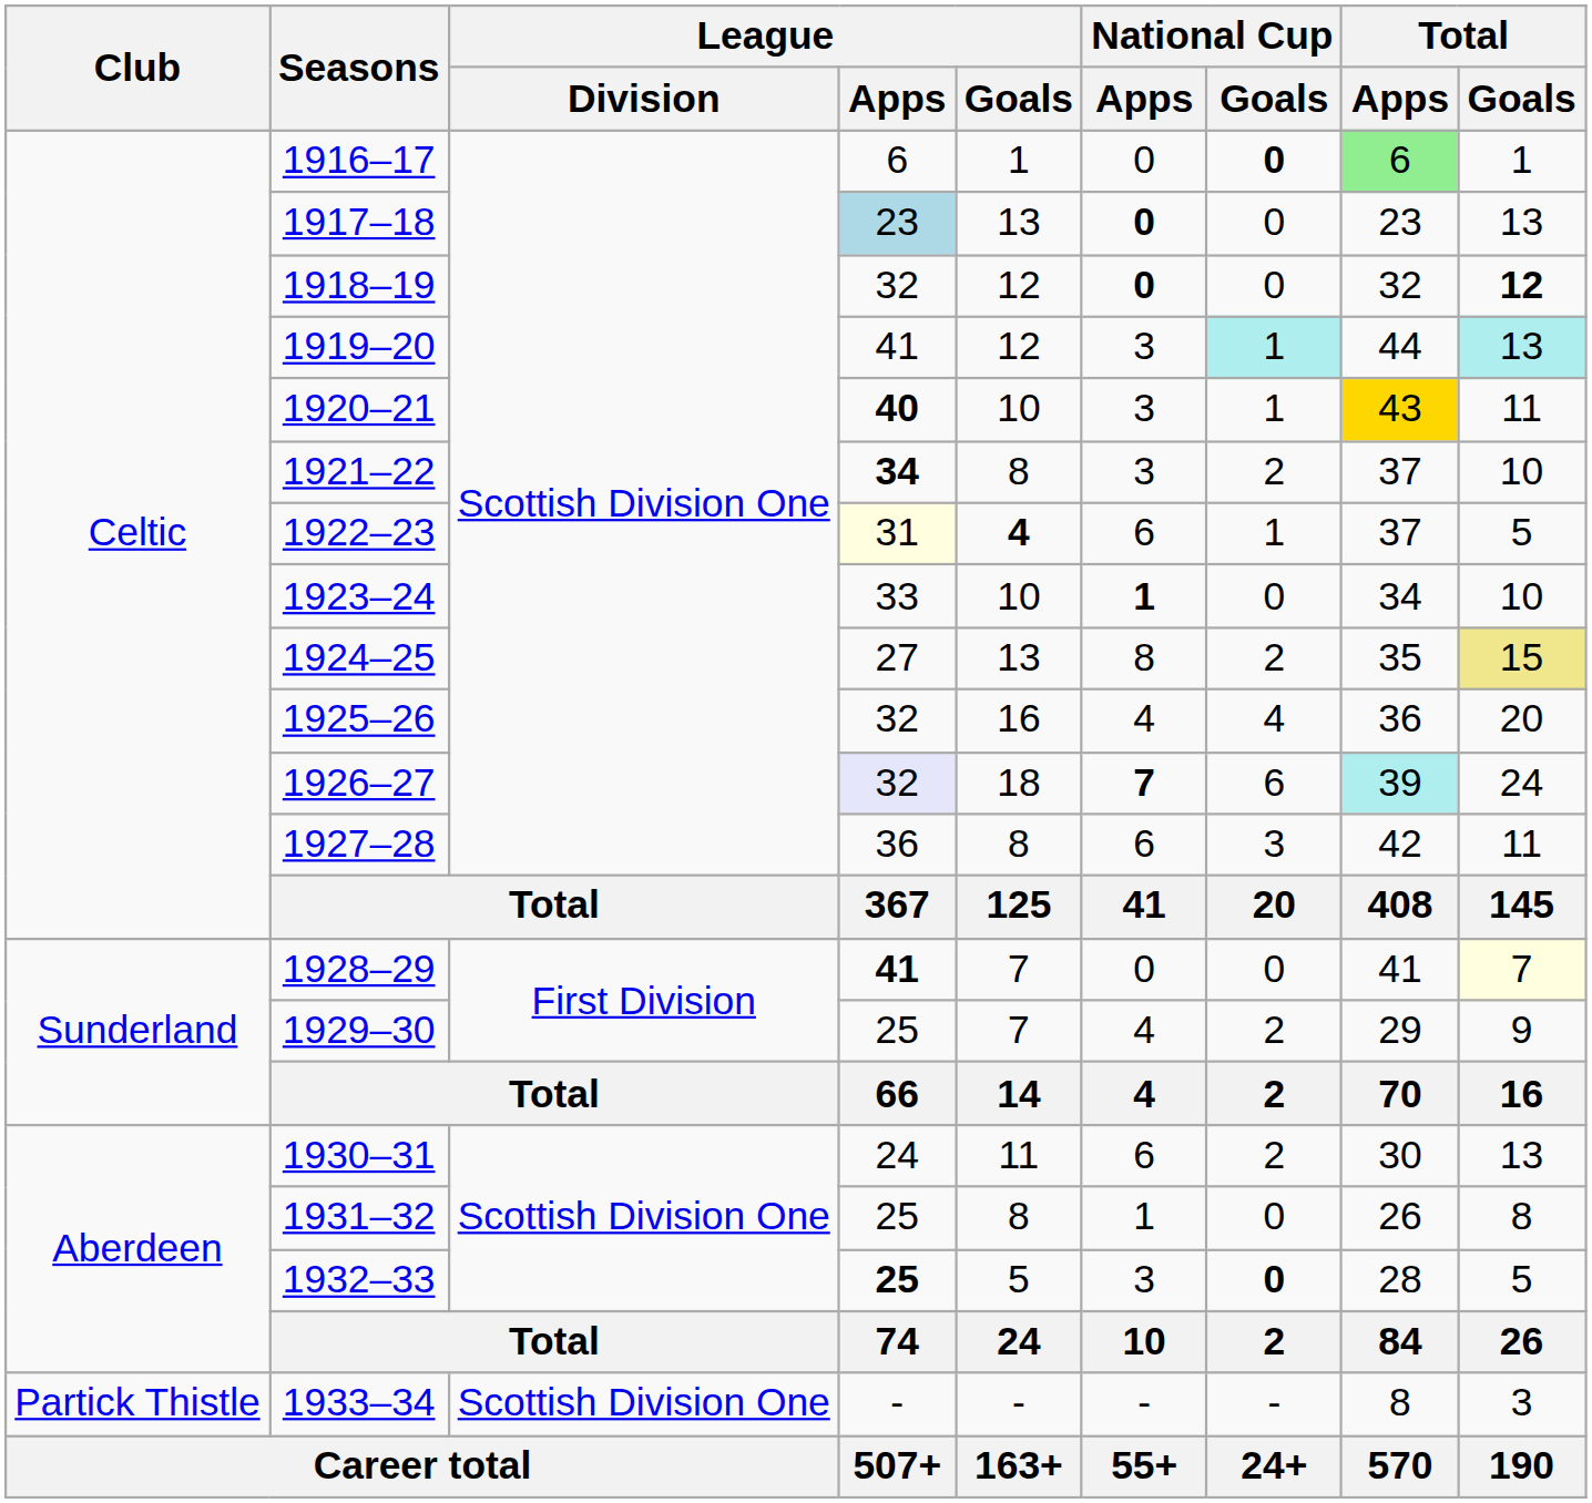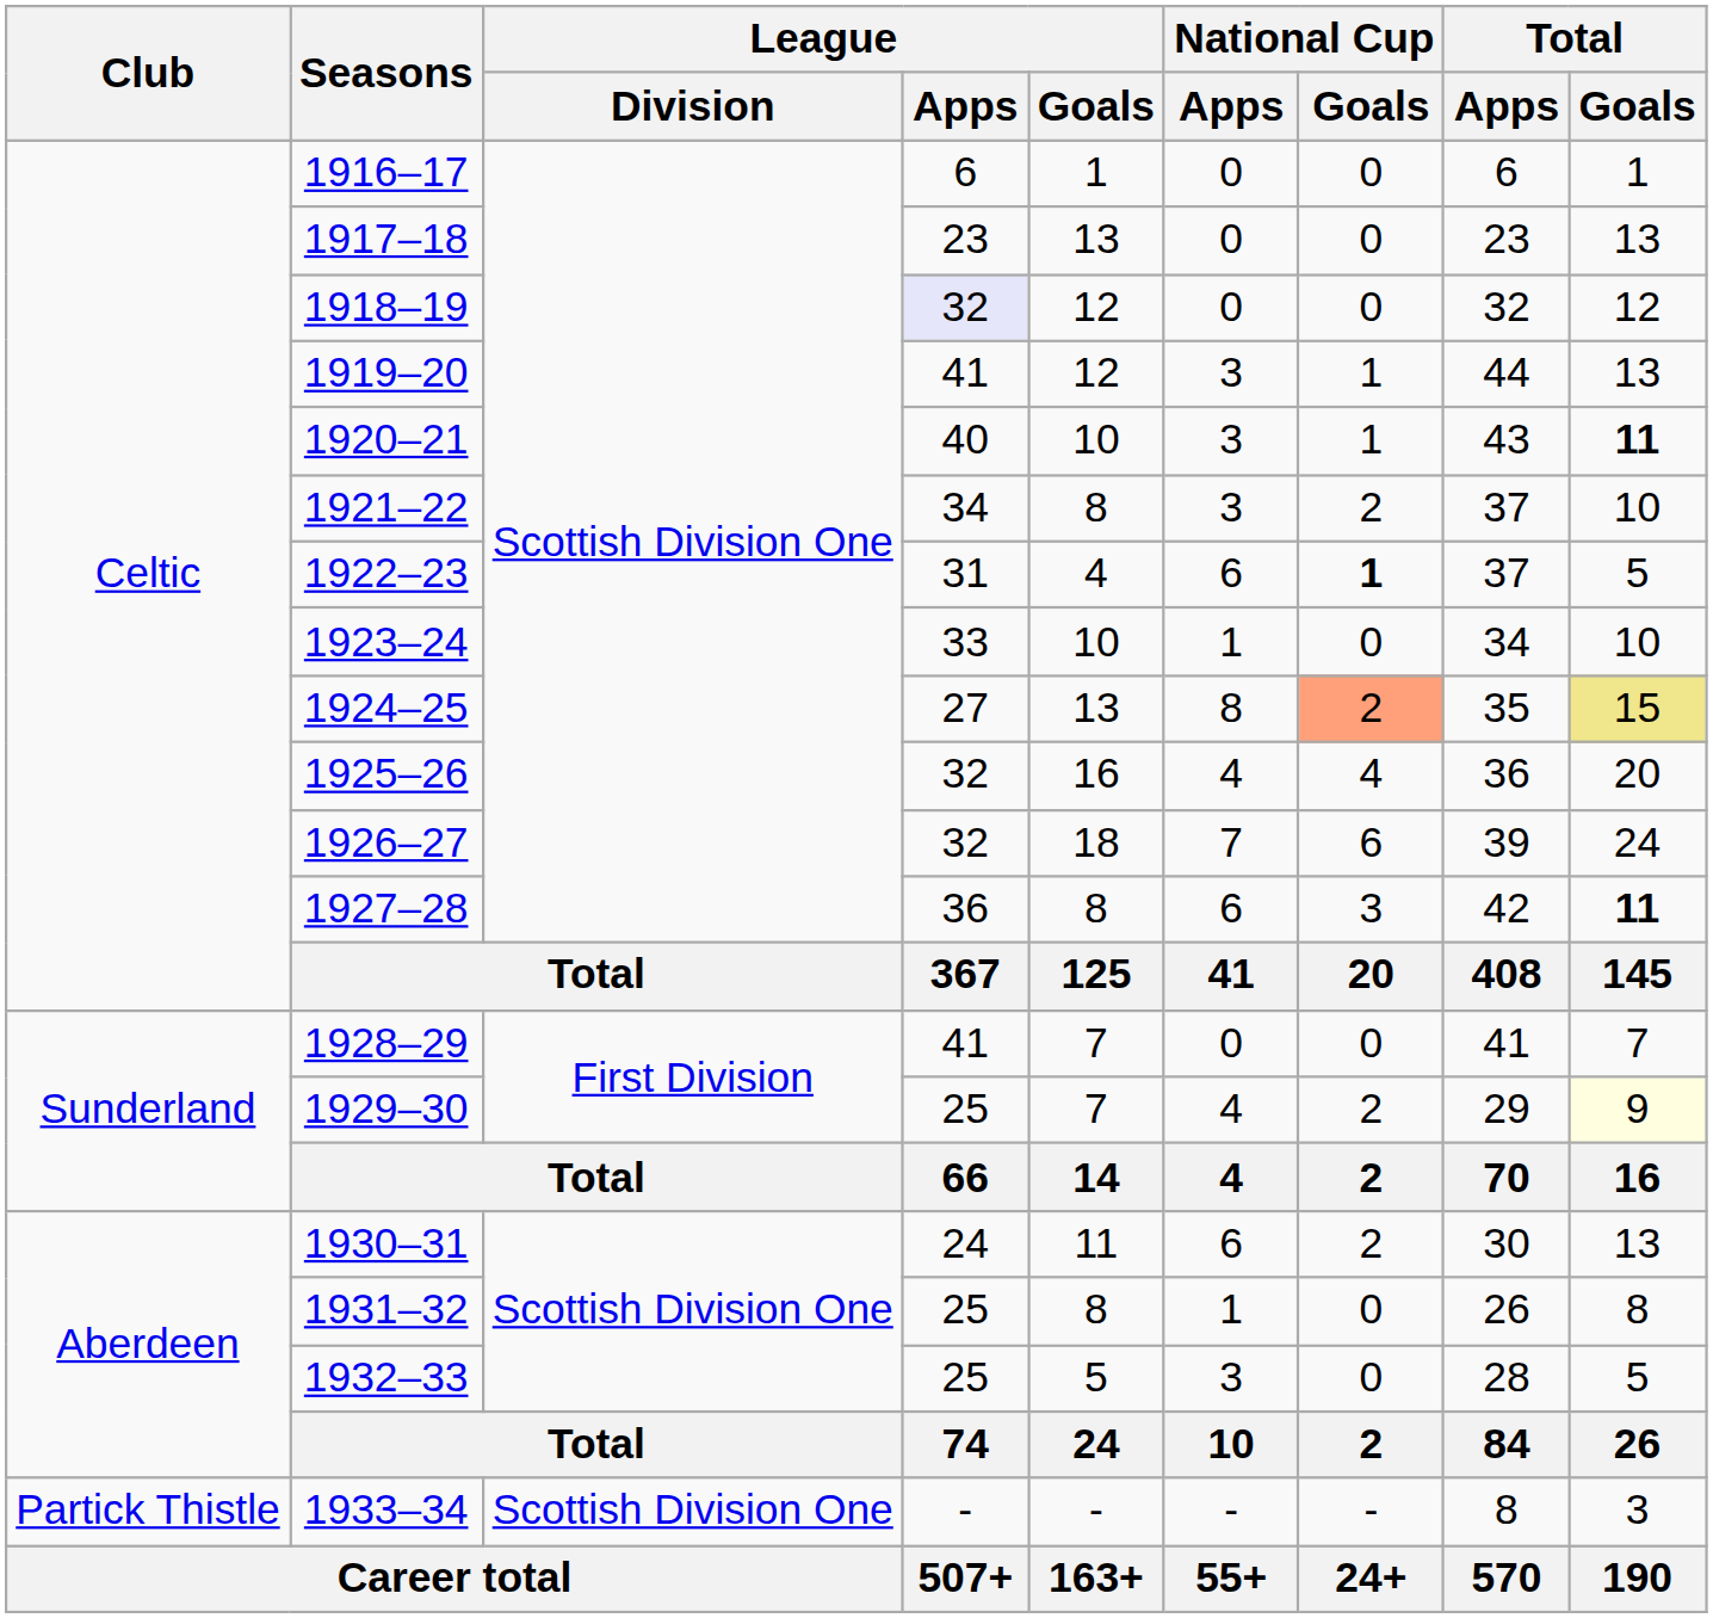 <table class="wikitable" style="text-align:center">
 <tr>
 <th rowspan="2">Club</th>
 <th rowspan="2">Seasons</th>
 <th colspan="3">League</th>
 <th colspan="2">National Cup</th>
 <th colspan="2">Total</th>
 </tr>
 <tr>
 <th>Division</th>
 <th>Apps</th>
 <th>Goals</th>
 <th>Apps</th>
 <th>Goals</th>
 <th>Apps</th>
 <th>Goals</th>
 </tr>
 <tr>
 <td rowspan="13"><a href='#'>Celtic</a></td>
 <td><a href='#'>1916–17</a></td>
 <td rowspan="12"><a href='#'>Scottish Division One</a></td>
 <td>6</td>
 <td>1</td>
 <td>0</td>
-<td><strong>0</strong></td>
-<td style="background: lightgreen;">6</td>
+<td>0</td>
+<td>6</td>
 <td>1</td>
 </tr>
 <tr>
 <td><a href='#'>1917–18</a></td>
-<td style="background: lightblue;">23</td>
+<td>23</td>
 <td>13</td>
-<td><strong>0</strong></td>
+<td>0</td>
 <td>0</td>
 <td>23</td>
 <td>13</td>
 </tr>
 <tr>
 <td><a href='#'>1918–19</a></td>
+<td style="background: lavender;">32</td>
+<td>12</td>
+<td>0</td>
+<td>0</td>
 <td>32</td>
 <td>12</td>
-<td><strong>0</strong></td>
-<td>0</td>
-<td>32</td>
-<td><strong>12</strong></td>
 </tr>
 <tr>
 <td><a href='#'>1919–20</a></td>
 <td>41</td>
 <td>12</td>
 <td>3</td>
-<td style="background: paleturquoise;">1</td>
+<td>1</td>
 <td>44</td>
-<td style="background: paleturquoise;">13</td>
+<td>13</td>
 </tr>
 <tr>
 <td><a href='#'>1920–21</a></td>
-<td><strong>40</strong></td>
+<td>40</td>
 <td>10</td>
 <td>3</td>
 <td>1</td>
-<td style="background: gold;">43</td>
-<td>11</td>
+<td>43</td>
+<td><strong>11</strong></td>
 </tr>
 <tr>
 <td><a href='#'>1921–22</a></td>
-<td><strong>34</strong></td>
+<td>34</td>
 <td>8</td>
 <td>3</td>
 <td>2</td>
 <td>37</td>
 <td>10</td>
 </tr>
 <tr>
 <td><a href='#'>1922–23</a></td>
-<td style="background: lightyellow;">31</td>
-<td><strong>4</strong></td>
+<td>31</td>
+<td>4</td>
 <td>6</td>
-<td>1</td>
+<td><strong>1</strong></td>
 <td>37</td>
 <td>5</td>
 </tr>
 <tr>
 <td><a href='#'>1923–24</a></td>
 <td>33</td>
 <td>10</td>
-<td><strong>1</strong></td>
+<td>1</td>
 <td>0</td>
 <td>34</td>
 <td>10</td>
 </tr>
 <tr>
 <td><a href='#'>1924–25</a></td>
 <td>27</td>
 <td>13</td>
 <td>8</td>
-<td>2</td>
+<td style="background: lightsalmon;">2</td>
 <td>35</td>
 <td style="background: khaki;">15</td>
 </tr>
 <tr>
 <td><a href='#'>1925–26</a></td>
 <td>32</td>
 <td>16</td>
 <td>4</td>
 <td>4</td>
 <td>36</td>
 <td>20</td>
 </tr>
 <tr>
 <td><a href='#'>1926–27</a></td>
-<td style="background: lavender;">32</td>
+<td>32</td>
 <td>18</td>
-<td><strong>7</strong></td>
+<td>7</td>
 <td>6</td>
-<td style="background: paleturquoise;">39</td>
+<td>39</td>
 <td>24</td>
 </tr>
 <tr>
 <td><a href='#'>1927–28</a></td>
 <td>36</td>
 <td>8</td>
 <td>6</td>
 <td>3</td>
 <td>42</td>
-<td>11</td>
+<td><strong>11</strong></td>
 </tr>
 <tr>
 <th colspan="2">Total</th>
 <th>367</th>
 <th>125</th>
 <th>41</th>
 <th>20</th>
 <th>408</th>
 <th>145</th>
 </tr>
 <tr>
 <td rowspan="3"><a href='#'>Sunderland</a></td>
 <td><a href='#'>1928–29</a></td>
 <td rowspan="2"><a href='#'>First Division</a></td>
-<td><strong>41</strong></td>
+<td>41</td>
 <td>7</td>
 <td>0</td>
 <td>0</td>
 <td>41</td>
-<td style="background: lightyellow;">7</td>
+<td>7</td>
 </tr>
 <tr>
 <td><a href='#'>1929–30</a></td>
 <td>25</td>
 <td>7</td>
 <td>4</td>
 <td>2</td>
 <td>29</td>
-<td>9</td>
+<td style="background: lightyellow;">9</td>
 </tr>
 <tr>
 <th colspan="2">Total</th>
 <th>66</th>
 <th>14</th>
 <th>4</th>
 <th>2</th>
 <th>70</th>
 <th>16</th>
 </tr>
 <tr>
 <td rowspan="4"><a href='#'>Aberdeen</a></td>
 <td><a href='#'>1930–31</a></td>
 <td rowspan="3"><a href='#'>Scottish Division One</a></td>
 <td>24</td>
 <td>11</td>
 <td>6</td>
 <td>2</td>
 <td>30</td>
 <td>13</td>
 </tr>
 <tr>
 <td><a href='#'>1931–32</a></td>
 <td>25</td>
 <td>8</td>
 <td>1</td>
 <td>0</td>
 <td>26</td>
 <td>8</td>
 </tr>
 <tr>
 <td><a href='#'>1932–33</a></td>
-<td><strong>25</strong></td>
+<td>25</td>
 <td>5</td>
 <td>3</td>
-<td><strong>0</strong></td>
+<td>0</td>
 <td>28</td>
 <td>5</td>
 </tr>
 <tr>
 <th colspan="2">Total</th>
 <th>74</th>
 <th>24</th>
 <th>10</th>
 <th>2</th>
 <th>84</th>
 <th>26</th>
 </tr>
 <tr>
 <td><a href='#'>Partick Thistle</a></td>
 <td><a href='#'>1933–34</a></td>
 <td><a href='#'>Scottish Division One</a></td>
 <td>-</td>
 <td>-</td>
 <td>-</td>
 <td>-</td>
 <td>8</td>
 <td>3</td>
 </tr>
 <tr>
 <th colspan="3">Career total</th>
 <th>507+</th>
 <th>163+</th>
 <th>55+</th>
 <th>24+</th>
 <th>570</th>
 <th>190</th>
 </tr>
 </table>
